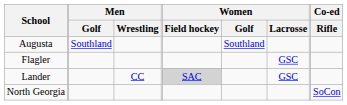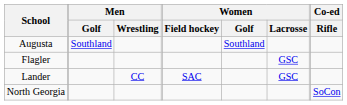 <table class="wikitable" style="text-align:center">
 <tr>
 <th rowspan=2>School</th>
 <th rowspan=6 width=1 style="padding:0"></th>
 <th colspan=2>Men</th>
 <th rowspan=6 width=1 style="padding:0"></th>
 <th colspan=3>Women</th>
 <th rowspan=6 width=1 style="padding:0"></th>
 <th>Co-ed</th>
 </tr>
 <tr>
 <th>Golf</th>
 <th>Wrestling</th>
 <th>Field hockey</th>
 <th>Golf</th>
 <th>Lacrosse</th>
 <th>Rifle</th>
 </tr>
 <tr>
 <td>Augusta</td>
 <td><a href='#'>Southland</a></td>
 <td></td>
 <td></td>
 <td><a href='#'>Southland</a></td>
 <td></td>
 <td></td>
 </tr>
 <tr>
 <td>Flagler</td>
 <td></td>
 <td></td>
 <td></td>
 <td></td>
 <td><a href='#'>GSC</a></td>
 <td></td>
 </tr>
 <tr>
 <td>Lander</td>
 <td></td>
 <td><a href='#'>CC</a></td>
-<td style="background: lightgrey;"><a href='#'>SAC</a></td>
+<td><a href='#'>SAC</a></td>
 <td></td>
 <td><a href='#'>GSC</a></td>
 <td></td>
 </tr>
 <tr>
 <td>North Georgia</td>
 <td></td>
 <td></td>
 <td></td>
 <td></td>
 <td></td>
 <td><a href='#'>SoCon</a></td>
 </tr>
 </table>
